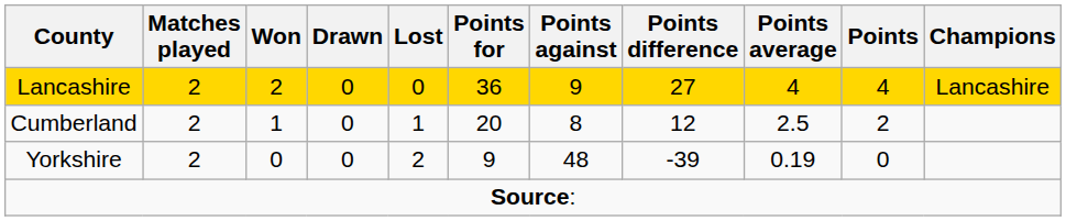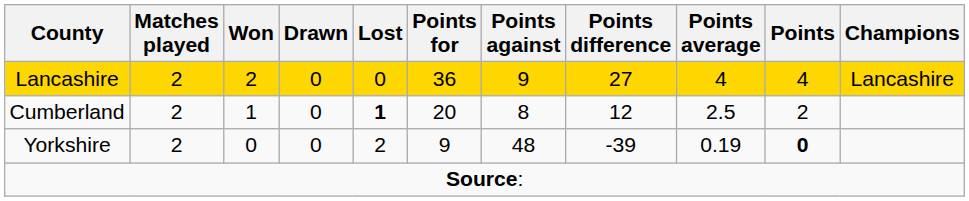 <table class="wikitable plainrowheaders" style="text-align: center; width: 60%">
 <tr>
 <th scope="col" style="width: 5%;">County</th>
 <th scope="col" style="width: 5%;">Matches played</th>
 <th scope="col" style="width: 5%;">Won</th>
 <th scope="col" style="width: 5%;">Drawn</th>
 <th scope="col" style="width: 5%;">Lost</th>
 <th scope="col" style="width: 5%;">Points for</th>
 <th scope="col" style="width: 5%;">Points against</th>
 <th scope="col" style="width: 5%;">Points difference</th>
 <th scope="col" style="width: 5%;">Points average</th>
 <th scope="col" style="width: 5%;">Points</th>
 <th scope="col" style="width: 15%;">Champions</th>
 </tr>
 <tr style="background: gold;">
 <td>Lancashire</td>
 <td>2</td>
 <td>2</td>
 <td>0</td>
 <td>0</td>
 <td>36</td>
 <td>9</td>
 <td>27</td>
 <td>4</td>
 <td>4</td>
 <td>Lancashire</td>
 </tr>
 <tr>
 <td>Cumberland</td>
 <td>2</td>
 <td>1</td>
 <td>0</td>
-<td>1</td>
+<td><strong>1</strong></td>
 <td>20</td>
 <td>8</td>
 <td>12</td>
 <td>2.5</td>
 <td>2</td>
 <td></td>
 </tr>
 <tr>
 <td>Yorkshire</td>
 <td>2</td>
 <td>0</td>
 <td>0</td>
 <td>2</td>
 <td>9</td>
 <td>48</td>
 <td>-39</td>
 <td>0.19</td>
-<td>0</td>
+<td><strong>0</strong></td>
 <td></td>
 </tr>
 <tr>
 <td colspan="11"><strong>Source</strong>:</td>
 </tr>
 </table>
